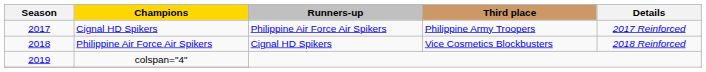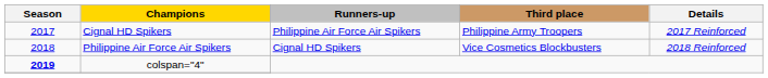 <table class=wikitable style="border-collapse: collapse; font-size:90%; text-align: center" width=80%>
 <tr>
 <th width=10%>Season</th>
 <th width=25% style="background:gold">Champions</th>
 <th width=25% style="background:silver">Runners-up</th>
 <th width=25% style="background:#cc9966">Third place</th>
 <th width=15%>Details</th>
 </tr>
 <tr>
 <td><a href='#'>2017</a></td>
 <td style="text-align:left"><a href='#'>Cignal HD Spikers</a></td>
 <td style="text-align:left"><a href='#'>Philippine Air Force Air Spikers</a></td>
 <td style="text-align:left"><a href='#'>Philippine Army Troopers</a></td>
 <td><a href='#'><em>2017 Reinforced</em></a></td>
 </tr>
 <tr>
 <td><a href='#'>2018</a></td>
 <td style="text-align:left"><a href='#'>Philippine Air Force Air Spikers</a></td>
 <td style="text-align:left"><a href='#'>Cignal HD Spikers</a></td>
 <td style="text-align:left"><a href='#'>Vice Cosmetics Blockbusters</a></td>
 <td><a href='#'><em>2018 Reinforced</em></a></td>
 </tr>
 <tr>
-<td><a href='#'>2019</a></td>
+<td><strong><a href='#'>2019</a></strong></td>
 <td>colspan="4"</td>
 </tr>
 <tr>
 </tr>
 </table>
